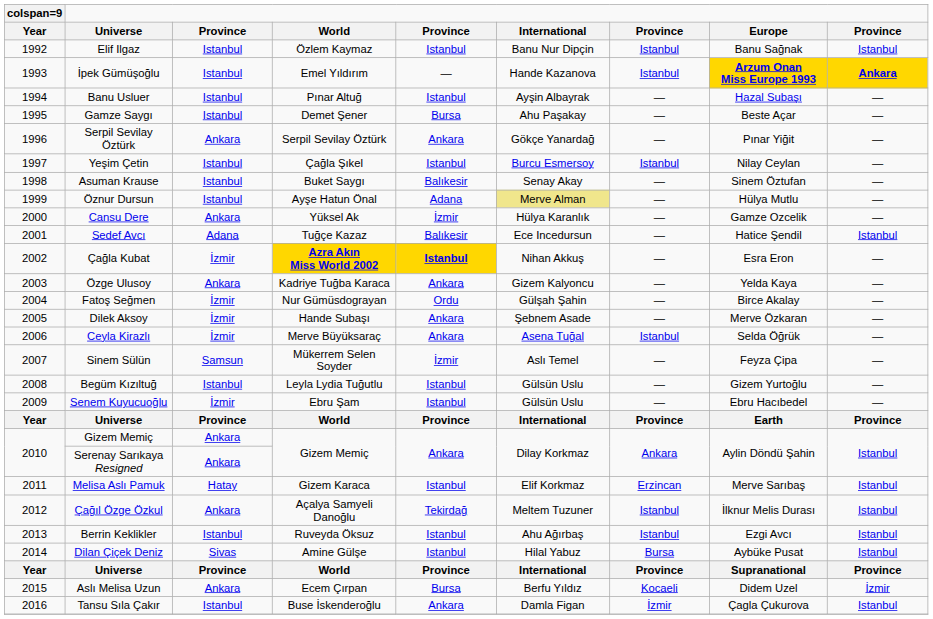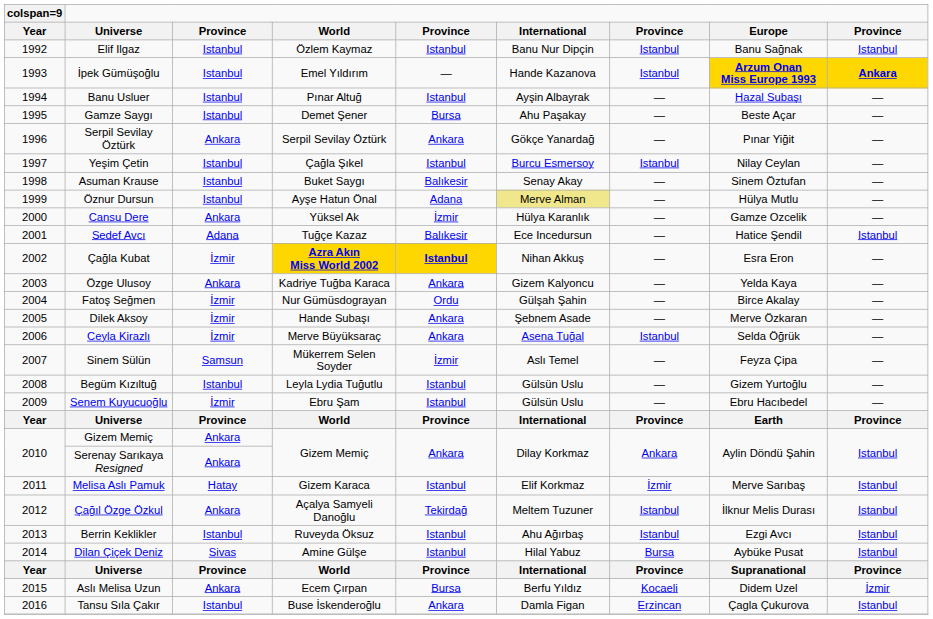 <table class="wikitable sortable" style="font-size: 95%; text-align:center">
 <tr>
 <th>colspan=9 </th>
 </tr>
 <tr>
 <th width="60">Year</th>
 <th width="250">Universe</th>
 <th width="250">Province</th>
 <th width="250">World</th>
 <th width="250">Province</th>
 <th width="250">International</th>
 <th width="250">Province</th>
 <th width="250">Europe</th>
 <th width="250">Province</th>
 </tr>
 <tr>
 <td>1992</td>
 <td>Elif Ilgaz</td>
 <td><a href='#'>Istanbul</a></td>
 <td>Özlem Kaymaz</td>
 <td><a href='#'>Istanbul</a></td>
 <td>Banu Nur Dipçin</td>
 <td><a href='#'>Istanbul</a></td>
 <td>Banu Sağnak</td>
 <td><a href='#'>Istanbul</a></td>
 </tr>
 <tr>
 <td>1993</td>
 <td>İpek Gümüşoğlu</td>
 <td><a href='#'>Istanbul</a></td>
 <td>Emel Yıldırım</td>
 <td>—</td>
 <td>Hande Kazanova</td>
 <td><a href='#'>Istanbul</a></td>
 <td style="background:gold; font-weight: bold"><a href='#'>Arzum Onan</a><br><a href='#'>Miss Europe 1993</a></td>
 <td style="background:gold; font-weight: bold"><a href='#'>Ankara</a></td>
 </tr>
 <tr>
 <td>1994</td>
 <td>Banu Usluer</td>
 <td><a href='#'>Istanbul</a></td>
 <td>Pınar Altuğ</td>
 <td><a href='#'>Istanbul</a></td>
 <td>Ayşin Albayrak</td>
 <td>—</td>
 <td><a href='#'>Hazal Subaşı</a></td>
 <td>—</td>
 </tr>
 <tr>
 <td>1995</td>
 <td>Gamze Saygı</td>
 <td><a href='#'>Istanbul</a></td>
 <td>Demet Şener</td>
 <td><a href='#'>Bursa</a></td>
 <td>Ahu Paşakay</td>
 <td>—</td>
 <td>Beste Açar</td>
 <td>—</td>
 </tr>
 <tr>
 <td>1996</td>
 <td>Serpil Sevilay Öztürk</td>
 <td><a href='#'>Ankara</a></td>
 <td>Serpil Sevilay Öztürk</td>
 <td><a href='#'>Ankara</a></td>
 <td>Gökçe Yanardağ</td>
 <td>—</td>
 <td>Pınar Yiğit</td>
 <td>—</td>
 </tr>
 <tr>
 <td>1997</td>
 <td>Yeşim Çetin</td>
 <td><a href='#'>Istanbul</a></td>
 <td>Çağla Şıkel</td>
 <td><a href='#'>Istanbul</a></td>
 <td><a href='#'>Burcu Esmersoy</a></td>
 <td><a href='#'>Istanbul</a></td>
 <td>Nilay Ceylan</td>
 <td>—</td>
 </tr>
 <tr>
 <td>1998</td>
 <td>Asuman Krause</td>
 <td><a href='#'>Istanbul</a></td>
 <td>Buket Saygı</td>
 <td><a href='#'>Balıkesir</a></td>
 <td>Senay Akay</td>
 <td>—</td>
 <td>Sinem Öztufan</td>
 <td>—</td>
 </tr>
 <tr>
 <td>1999</td>
 <td>Öznur Dursun</td>
 <td><a href='#'>Istanbul</a></td>
 <td>Ayşe Hatun Önal</td>
 <td><a href='#'>Adana</a></td>
 <td style="background: khaki;">Merve Alman</td>
 <td>—</td>
 <td>Hülya Mutlu</td>
 <td>—</td>
 </tr>
 <tr>
 <td>2000</td>
 <td><a href='#'>Cansu Dere</a></td>
 <td><a href='#'>Ankara</a></td>
 <td>Yüksel Ak</td>
 <td><a href='#'>İzmir</a></td>
 <td>Hülya Karanlık</td>
 <td>—</td>
 <td>Gamze Ozcelik</td>
 <td>—</td>
 </tr>
 <tr>
 <td>2001</td>
 <td><a href='#'>Sedef Avcı</a></td>
 <td><a href='#'>Adana</a></td>
 <td>Tuğçe Kazaz</td>
 <td><a href='#'>Balıkesir</a></td>
 <td>Ece Incedursun</td>
 <td>—</td>
 <td>Hatice Şendil</td>
 <td><a href='#'>Istanbul</a></td>
 </tr>
 <tr>
 <td>2002</td>
 <td>Çağla Kubat</td>
 <td><a href='#'>İzmir</a></td>
 <td style="background:gold; font-weight: bold"><a href='#'>Azra Akın</a><br><a href='#'>Miss World 2002</a></td>
 <td style="background:gold; font-weight: bold"><a href='#'>Istanbul</a></td>
 <td>Nihan Akkuş</td>
 <td>—</td>
 <td>Esra Eron</td>
 <td>—</td>
 </tr>
 <tr>
 <td>2003</td>
 <td>Özge Ulusoy</td>
 <td><a href='#'>Ankara</a></td>
 <td>Kadriye Tuğba Karaca</td>
 <td><a href='#'>Ankara</a></td>
 <td>Gizem Kalyoncu</td>
 <td>—</td>
 <td>Yelda Kaya</td>
 <td>—</td>
 </tr>
 <tr>
 <td>2004</td>
 <td>Fatoş Seğmen</td>
 <td><a href='#'>İzmir</a></td>
 <td>Nur Gümüsdograyan</td>
 <td><a href='#'>Ordu</a></td>
 <td>Gülşah Şahin</td>
 <td>—</td>
 <td>Birce Akalay</td>
 <td>—</td>
 </tr>
 <tr>
 <td>2005</td>
 <td>Dilek Aksoy</td>
 <td><a href='#'>İzmir</a></td>
 <td>Hande Subaşı</td>
 <td><a href='#'>Ankara</a></td>
 <td>Şebnem Asade</td>
 <td>—</td>
 <td>Merve Özkaran</td>
 <td>—</td>
 </tr>
 <tr>
 <td>2006</td>
 <td><a href='#'>Ceyla Kirazlı</a></td>
 <td><a href='#'>İzmir</a></td>
 <td>Merve Büyüksaraç</td>
 <td><a href='#'>Ankara</a></td>
 <td><a href='#'>Asena Tuğal</a></td>
 <td><a href='#'>Istanbul</a></td>
 <td>Selda Öğrük</td>
 <td>—</td>
 </tr>
 <tr>
 <td>2007</td>
 <td>Sinem Sülün</td>
 <td><a href='#'>Samsun</a></td>
 <td>Mükerrem Selen Soyder</td>
 <td><a href='#'>İzmir</a></td>
 <td>Aslı Temel</td>
 <td>—</td>
 <td>Feyza Çipa</td>
 <td>—</td>
 </tr>
 <tr>
 <td>2008</td>
 <td>Begüm Kızıltuğ</td>
 <td><a href='#'>Istanbul</a></td>
 <td>Leyla Lydia Tuğutlu</td>
 <td><a href='#'>Istanbul</a></td>
 <td>Gülsün Uslu</td>
 <td>—</td>
 <td>Gizem Yurtoğlu</td>
 <td>—</td>
 </tr>
 <tr>
 <td>2009</td>
 <td><a href='#'>Senem Kuyucuoğlu</a></td>
 <td><a href='#'>İzmir</a></td>
 <td>Ebru Şam</td>
 <td><a href='#'>Istanbul</a></td>
 <td>Gülsün Uslu</td>
 <td>—</td>
 <td>Ebru Hacıbedel</td>
 <td>—</td>
 </tr>
 <tr>
 <th width="60">Year</th>
 <th width="250">Universe</th>
 <th width="250">Province</th>
 <th width="250">World</th>
 <th width="250">Province</th>
 <th width="250">International</th>
 <th width="250">Province</th>
 <th width="250">Earth</th>
 <th width="250">Province</th>
 </tr>
 <tr>
 <td rowspan=2>2010</td>
 <td>Gizem Memiç</td>
 <td><a href='#'>Ankara</a></td>
 <td rowspan=2>Gizem Memiç</td>
 <td rowspan=2><a href='#'>Ankara</a></td>
 <td rowspan=2>Dilay Korkmaz</td>
 <td rowspan=2><a href='#'>Ankara</a></td>
 <td rowspan=2>Aylin Döndü Şahin</td>
 <td rowspan=2><a href='#'>Istanbul</a></td>
 </tr>
 <tr>
 <td>Serenay Sarıkaya<br><em>Resigned</em></td>
 <td><a href='#'>Ankara</a></td>
 </tr>
 <tr>
 <td>2011</td>
 <td><a href='#'>Melisa Aslı Pamuk</a></td>
 <td><a href='#'>Hatay</a></td>
 <td>Gizem Karaca</td>
 <td><a href='#'>Istanbul</a></td>
 <td>Elif Korkmaz</td>
-<td><a href='#'>Erzincan</a></td>
+<td><a href='#'>İzmir</a></td>
 <td>Merve Sarıbaş</td>
 <td><a href='#'>Istanbul</a></td>
 </tr>
 <tr>
 <td>2012</td>
 <td><a href='#'>Çağıl Özge Özkul</a></td>
 <td><a href='#'>Ankara</a></td>
 <td>Açalya Samyeli Danoğlu</td>
 <td><a href='#'>Tekirdağ</a></td>
 <td>Meltem Tuzuner</td>
 <td><a href='#'>Istanbul</a></td>
 <td>İlknur Melis Durası</td>
 <td><a href='#'>Istanbul</a></td>
 </tr>
 <tr>
 <td>2013</td>
 <td>Berrin Keklikler</td>
 <td><a href='#'>Istanbul</a></td>
 <td>Ruveyda Öksuz</td>
 <td><a href='#'>Istanbul</a></td>
 <td>Ahu Ağırbaş</td>
 <td><a href='#'>Istanbul</a></td>
 <td>Ezgi Avcı</td>
 <td><a href='#'>Istanbul</a></td>
 </tr>
 <tr>
 <td>2014</td>
 <td><a href='#'>Dilan Çiçek Deniz</a></td>
 <td><a href='#'>Sivas</a></td>
 <td>Amine Gülşe</td>
 <td><a href='#'>Istanbul</a></td>
 <td>Hilal Yabuz</td>
 <td><a href='#'>Bursa</a></td>
 <td>Aybüke Pusat</td>
 <td><a href='#'>Istanbul</a></td>
 </tr>
 <tr>
 <th width="60">Year</th>
 <th width="250">Universe</th>
 <th width="250">Province</th>
 <th width="250">World</th>
 <th width="250">Province</th>
 <th width="250">International</th>
 <th width="250">Province</th>
 <th width="250">Supranational</th>
 <th width="250">Province</th>
 </tr>
 <tr>
 <td>2015</td>
 <td>Aslı Melisa Uzun</td>
 <td><a href='#'>Ankara</a></td>
 <td>Ecem Çırpan</td>
 <td><a href='#'>Bursa</a></td>
 <td>Berfu Yıldız</td>
 <td><a href='#'>Kocaeli</a></td>
 <td>Didem Uzel</td>
 <td><a href='#'>İzmir</a></td>
 </tr>
 <tr>
 <td>2016</td>
 <td>Tansu Sıla Çakır</td>
 <td><a href='#'>Istanbul</a></td>
 <td>Buse İskenderoğlu</td>
 <td><a href='#'>Ankara</a></td>
 <td>Damla Figan</td>
-<td><a href='#'>İzmir</a></td>
+<td><a href='#'>Erzincan</a></td>
 <td>Çagla Çukurova</td>
 <td><a href='#'>Istanbul</a></td>
 </tr>
 <tr>
 </tr>
 </table>
